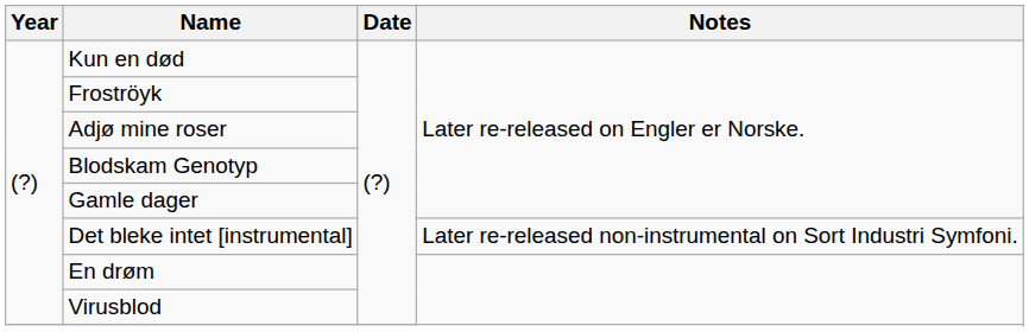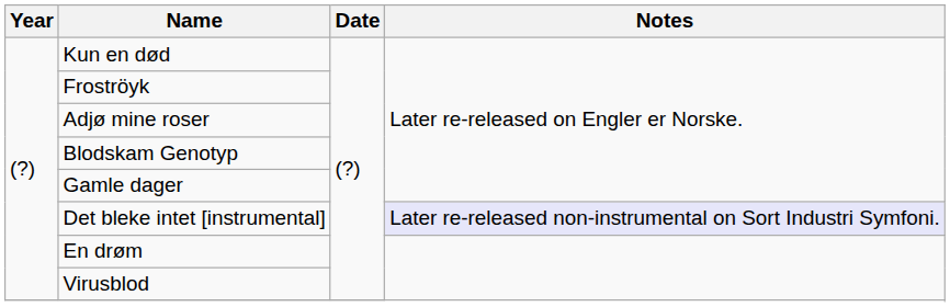 <table class="wikitable">
 <tr>
 <th>Year</th>
 <th>Name</th>
 <th>Date</th>
 <th>Notes</th>
 </tr>
 <tr>
 <td rowspan="8">(?)</td>
 <td>Kun en død</td>
 <td rowspan="8">(?)</td>
 <td rowspan="5">Later re-released on Engler er Norske.</td>
 </tr>
 <tr>
 <td>Froströyk</td>
 </tr>
 <tr>
 <td>Adjø mine roser</td>
 </tr>
 <tr>
 <td>Blodskam Genotyp</td>
 </tr>
 <tr>
 <td>Gamle dager</td>
 </tr>
 <tr>
 <td>Det bleke intet [instrumental]</td>
-<td>Later re-released non-instrumental on Sort Industri Symfoni.</td>
+<td style="background: lavender;">Later re-released non-instrumental on Sort Industri Symfoni.</td>
 </tr>
 <tr>
 <td>En drøm</td>
 </tr>
 <tr>
 <td>Virusblod</td>
 </tr>
 <tr>
 </tr>
 </table>
